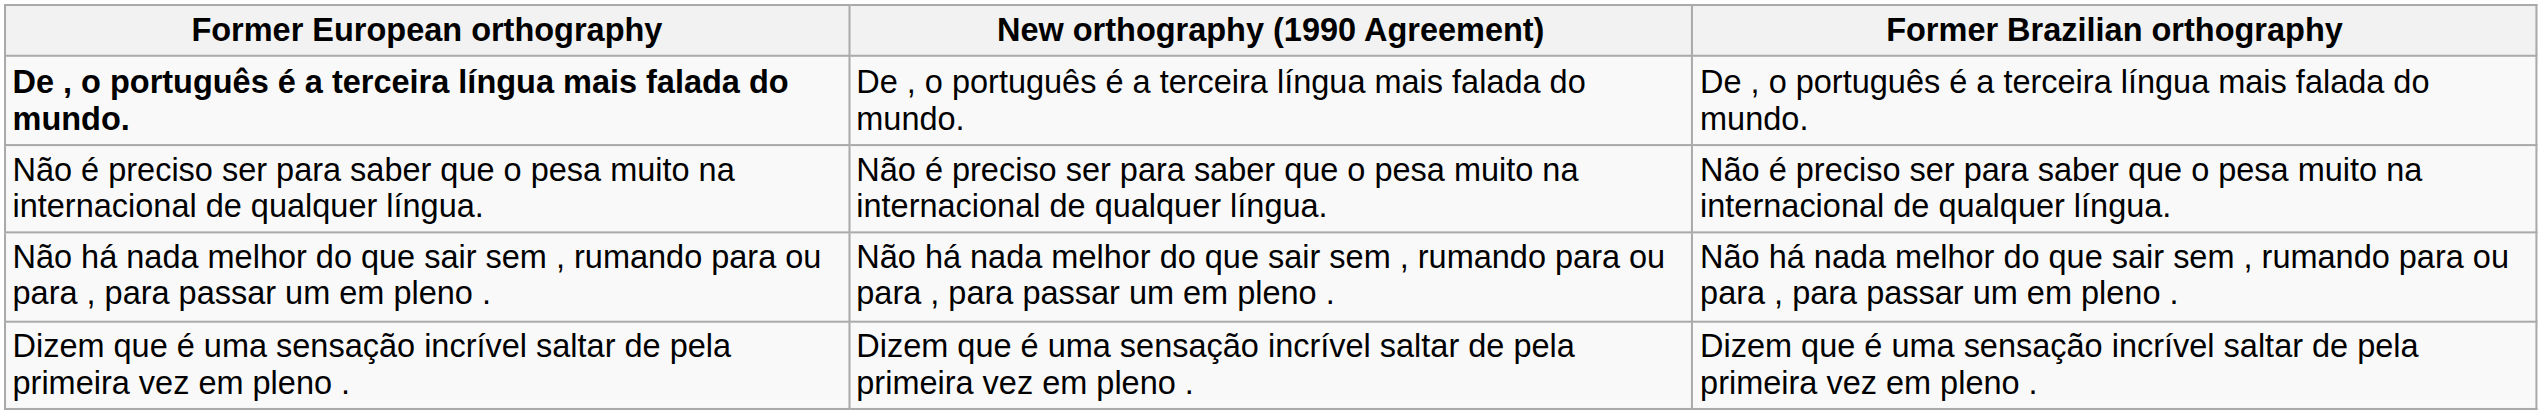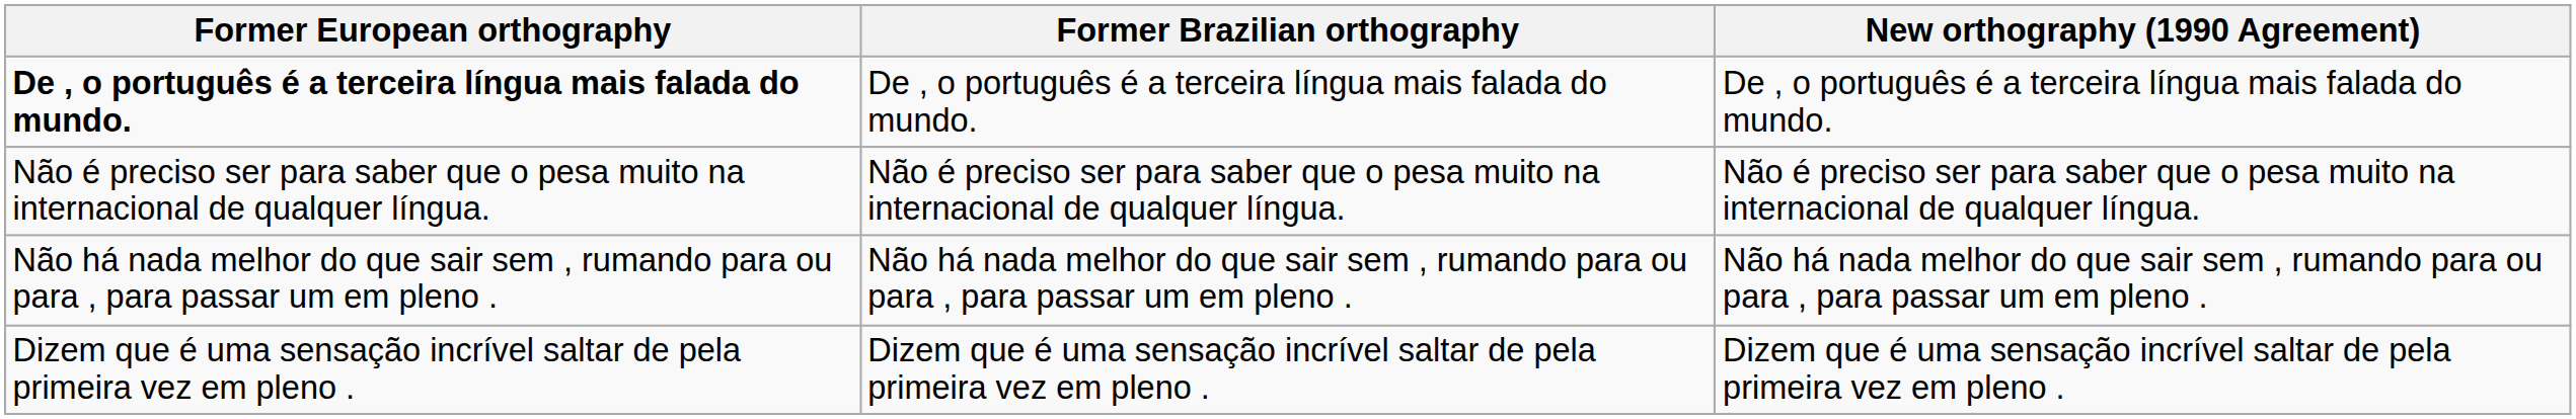 <table class="wikitable">
 <tr>
 <th>Former European orthography</th>
+<th>Former Brazilian orthography</th>
 <th>New orthography (1990 Agreement)</th>
-<th>Former Brazilian orthography</th>
 </tr>
 <tr>
 <td><strong>De , o português é  a terceira língua  mais falada do mundo.</strong></td>
 <td>De , o português é  a terceira língua  mais falada do mundo.</td>
 <td>De , o português é  a terceira língua  mais falada do mundo.</td>
 </tr>
 <tr>
 <td>Não é preciso ser  para saber que o   pesa muito na  internacional de qualquer língua.</td>
 <td>Não é preciso ser  para saber que o   pesa muito na  internacional de qualquer língua.</td>
 <td>Não é preciso ser  para saber que o   pesa muito na  internacional de qualquer língua.</td>
 </tr>
 <tr>
 <td>Não há nada melhor do que sair sem , rumando para  ou para , para passar um   em pleno .</td>
 <td>Não há nada melhor do que sair sem , rumando para  ou para , para passar um   em pleno .</td>
 <td>Não há nada melhor do que sair sem , rumando para  ou para , para passar um   em pleno .</td>
 </tr>
 <tr>
 <td>Dizem que é uma sensação incrível saltar de  pela primeira vez em pleno .</td>
 <td>Dizem que é uma sensação incrível saltar de  pela primeira vez em pleno .</td>
 <td>Dizem que é uma sensação incrível saltar de  pela primeira vez em pleno .</td>
 </tr>
 </table>
